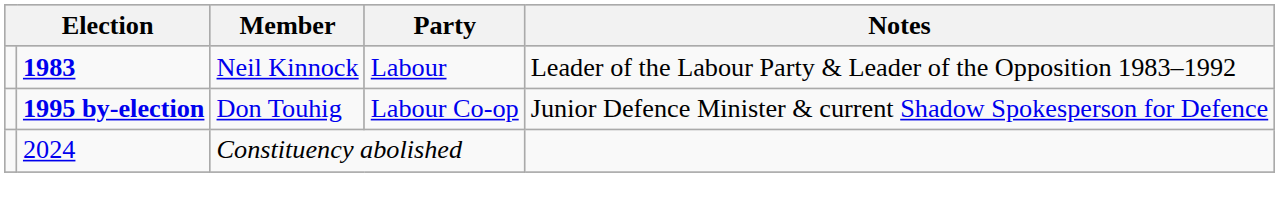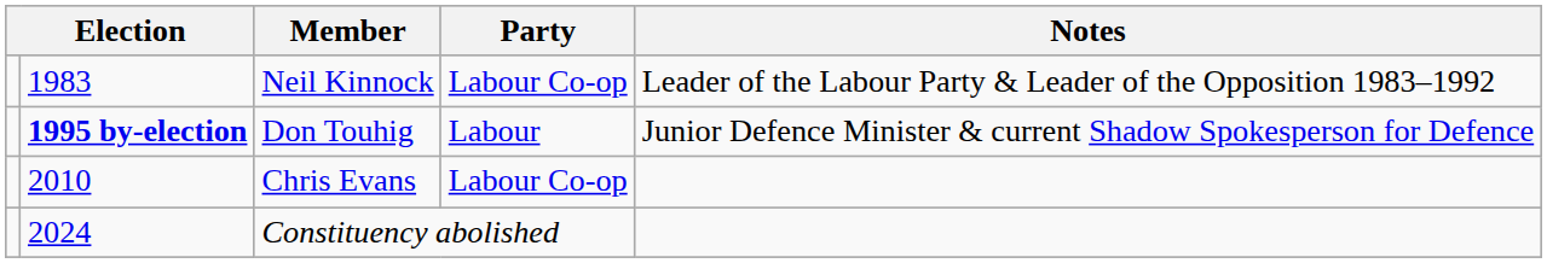 <table class="wikitable">
 <tr>
 <th colspan="2">Election</th>
 <th>Member</th>
 <th>Party</th>
 <th>Notes</th>
 </tr>
 <tr>
 <td style="color:inherit;background-color: "></td>
-<td><strong><a href='#'>1983</a></strong></td>
+<td><a href='#'>1983</a></td>
 <td><a href='#'>Neil Kinnock</a></td>
-<td><a href='#'>Labour</a></td>
+<td><a href='#'>Labour Co-op</a></td>
 <td>Leader of the Labour Party & Leader of the Opposition 1983–1992</td>
 </tr>
 <tr>
 <td style="color:inherit;background-color: "></td>
 <td><strong><a href='#'>1995 by-election</a></strong></td>
 <td><a href='#'>Don Touhig</a></td>
+<td><a href='#'>Labour</a></td>
+<td>Junior Defence Minister & current <a href='#'>Shadow Spokesperson for Defence</a></td>
+</tr>
+<tr>
+<td style="color:inherit;background-color: "></td>
+<td><a href='#'>2010</a></td>
+<td><a href='#'>Chris Evans</a></td>
 <td><a href='#'>Labour Co-op</a></td>
-<td>Junior Defence Minister & current <a href='#'>Shadow Spokesperson for Defence</a></td>
+<td></td>
 </tr>
 <tr>
 <td></td>
 <td><a href='#'>2024</a></td>
 <td colspan="2"><em>Constituency abolished</em></td>
 </tr>
 </table>
